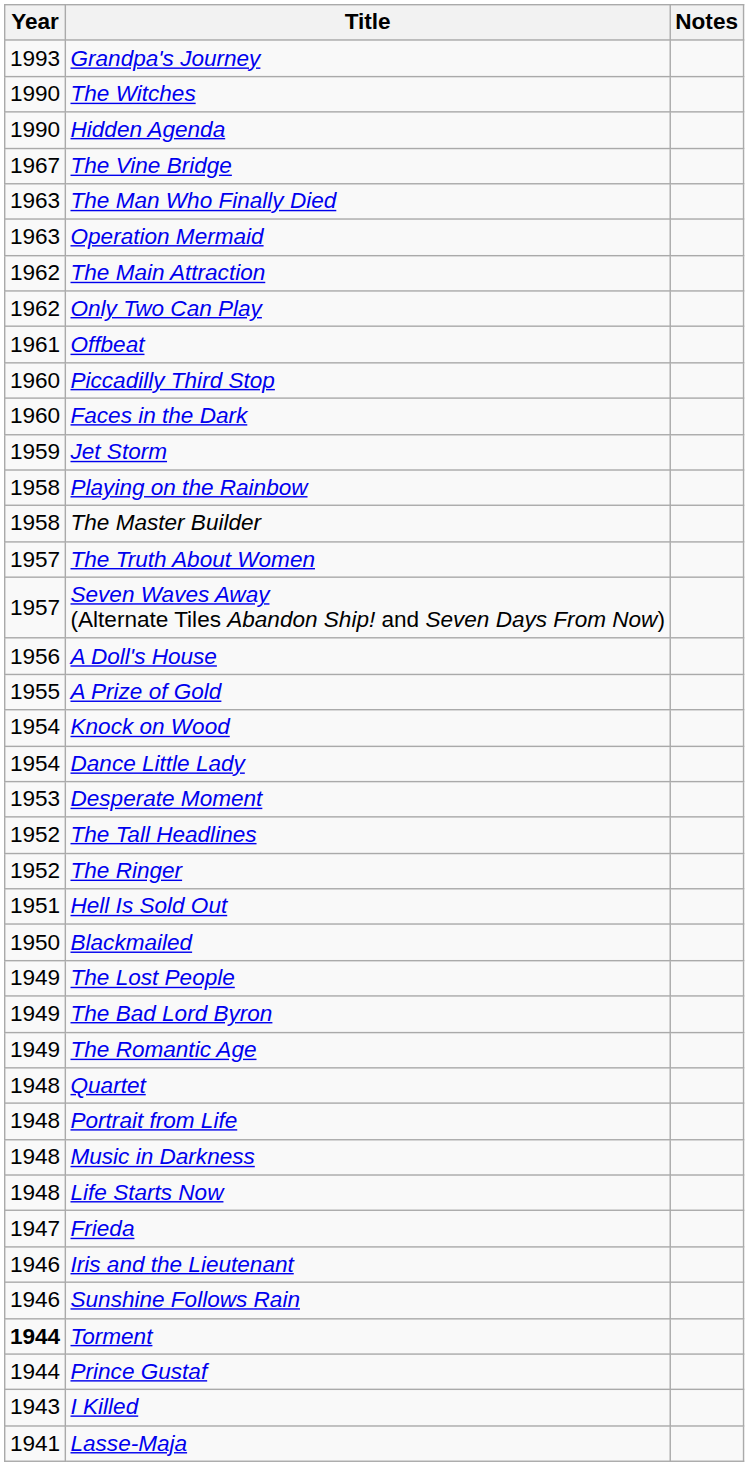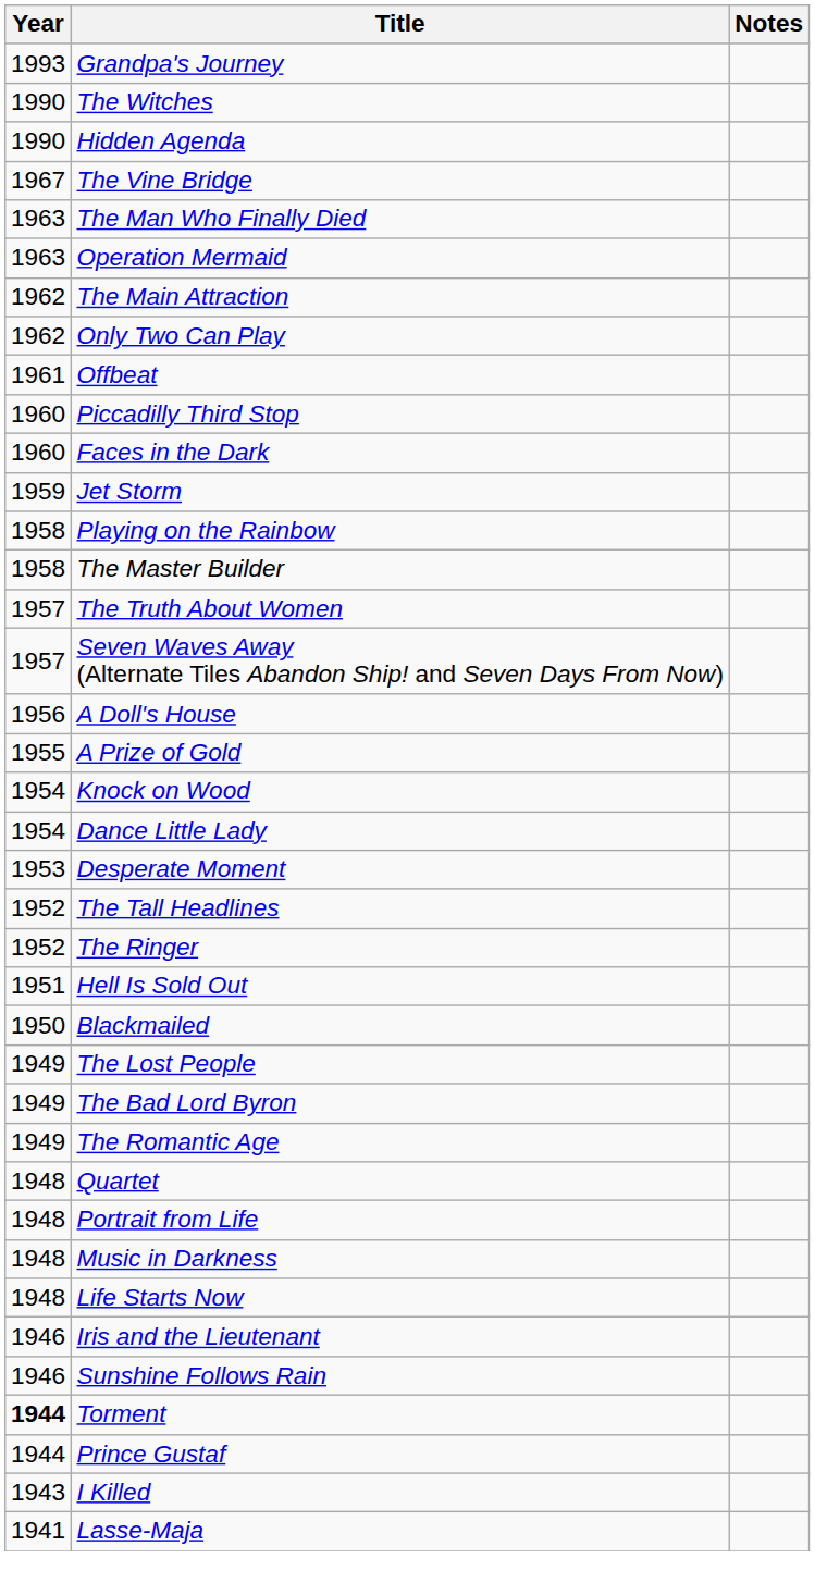 <table class="wikitable">
 <tr>
 <th>Year</th>
 <th>Title</th>
 <th>Notes</th>
 </tr>
 <tr>
 <td>1993</td>
 <td><em><a href='#'>Grandpa's Journey</a></em></td>
 <td></td>
 </tr>
 <tr>
 <td>1990</td>
 <td><em><a href='#'>The Witches</a></em></td>
 <td></td>
 </tr>
 <tr>
 <td>1990</td>
 <td><em><a href='#'>Hidden Agenda</a></em></td>
 <td></td>
 </tr>
 <tr>
 <td>1967</td>
 <td><em><a href='#'>The Vine Bridge</a></em></td>
 <td></td>
 </tr>
 <tr>
 <td>1963</td>
 <td><em><a href='#'>The Man Who Finally Died</a></em></td>
 <td></td>
 </tr>
 <tr>
 <td>1963</td>
 <td><em><a href='#'>Operation Mermaid</a></em></td>
 <td></td>
 </tr>
 <tr>
 <td>1962</td>
 <td><em><a href='#'>The Main Attraction</a></em></td>
 <td></td>
 </tr>
 <tr>
 <td>1962</td>
 <td><em><a href='#'>Only Two Can Play</a></em></td>
 <td></td>
 </tr>
 <tr>
 <td>1961</td>
 <td><em><a href='#'>Offbeat</a></em></td>
 <td></td>
 </tr>
 <tr>
 <td>1960</td>
 <td><em><a href='#'>Piccadilly Third Stop</a></em></td>
 <td></td>
 </tr>
 <tr>
 <td>1960</td>
 <td><em><a href='#'>Faces in the Dark</a></em></td>
 <td></td>
 </tr>
 <tr>
 <td>1959</td>
 <td><em><a href='#'>Jet Storm</a></em></td>
 <td></td>
 </tr>
 <tr>
 <td>1958</td>
 <td><em><a href='#'>Playing on the Rainbow</a></em></td>
 <td></td>
 </tr>
 <tr>
 <td>1958</td>
 <td><em>The Master Builder</em></td>
 <td></td>
 </tr>
 <tr>
 <td>1957</td>
 <td><em><a href='#'>The Truth About Women</a></em></td>
 <td></td>
 </tr>
 <tr>
 <td>1957</td>
 <td><em><a href='#'>Seven Waves Away</a></em><br>(Alternate Tiles <em>Abandon Ship!</em>  and <em>Seven Days From Now</em>)</td>
 <td></td>
 </tr>
 <tr>
 <td>1956</td>
 <td><em><a href='#'>A Doll's House</a></em></td>
 <td></td>
 </tr>
 <tr>
 <td>1955</td>
 <td><em><a href='#'>A Prize of Gold</a></em></td>
 <td></td>
 </tr>
 <tr>
 <td>1954</td>
 <td><em><a href='#'>Knock on Wood</a></em></td>
 <td></td>
 </tr>
 <tr>
 <td>1954</td>
 <td><em><a href='#'>Dance Little Lady</a></em></td>
 <td></td>
 </tr>
 <tr>
 <td>1953</td>
 <td><em><a href='#'>Desperate Moment</a></em></td>
 <td></td>
 </tr>
 <tr>
 <td>1952</td>
 <td><em><a href='#'>The Tall Headlines</a></em></td>
 <td></td>
 </tr>
 <tr>
 <td>1952</td>
 <td><em><a href='#'>The Ringer</a></em></td>
 <td></td>
 </tr>
 <tr>
 <td>1951</td>
 <td><em><a href='#'>Hell Is Sold Out</a></em></td>
 <td></td>
 </tr>
 <tr>
 <td>1950</td>
 <td><em><a href='#'>Blackmailed</a></em></td>
 <td></td>
 </tr>
 <tr>
 <td>1949</td>
 <td><em><a href='#'>The Lost People</a></em></td>
 <td></td>
 </tr>
 <tr>
 <td>1949</td>
 <td><em><a href='#'>The Bad Lord Byron</a></em></td>
 <td></td>
 </tr>
 <tr>
 <td>1949</td>
 <td><em><a href='#'>The Romantic Age</a></em></td>
 <td></td>
 </tr>
 <tr>
 <td>1948</td>
 <td><em><a href='#'>Quartet</a></em></td>
 <td></td>
 </tr>
 <tr>
 <td>1948</td>
 <td><em><a href='#'>Portrait from Life</a></em></td>
 <td></td>
 </tr>
 <tr>
 <td>1948</td>
 <td><em><a href='#'>Music in Darkness</a></em></td>
 <td></td>
 </tr>
 <tr>
 <td>1948</td>
 <td><em><a href='#'>Life Starts Now</a></em></td>
 <td></td>
 </tr>
 <tr>
-<td>1947</td>
-<td><em><a href='#'>Frieda</a></em></td>
-<td></td>
-</tr>
-<tr>
 <td>1946</td>
 <td><em><a href='#'>Iris and the Lieutenant</a></em></td>
 <td></td>
 </tr>
 <tr>
 <td>1946</td>
 <td><em><a href='#'>Sunshine Follows Rain</a></em></td>
 <td></td>
 </tr>
 <tr>
 <td><strong>1944</strong></td>
 <td><em><a href='#'>Torment</a></em></td>
 <td></td>
 </tr>
 <tr>
 <td>1944</td>
 <td><em><a href='#'>Prince Gustaf</a></em></td>
 <td></td>
 </tr>
 <tr>
 <td>1943</td>
 <td><em><a href='#'>I Killed</a></em></td>
 <td></td>
 </tr>
 <tr>
 <td>1941</td>
 <td><em><a href='#'>Lasse-Maja</a></em></td>
 <td></td>
 </tr>
 </table>
